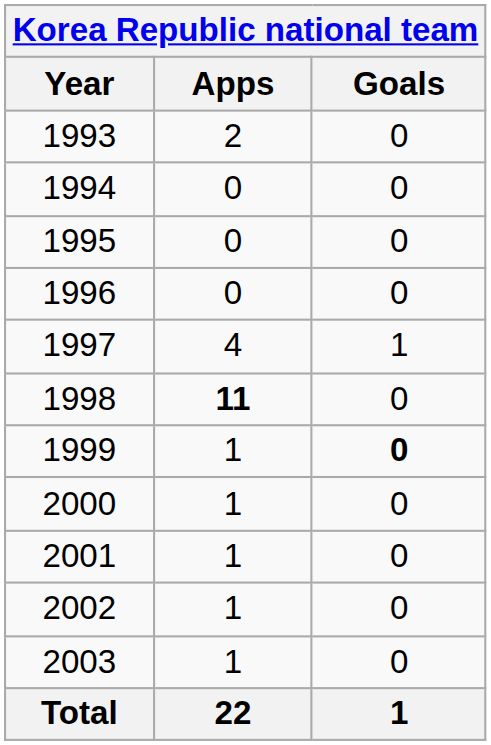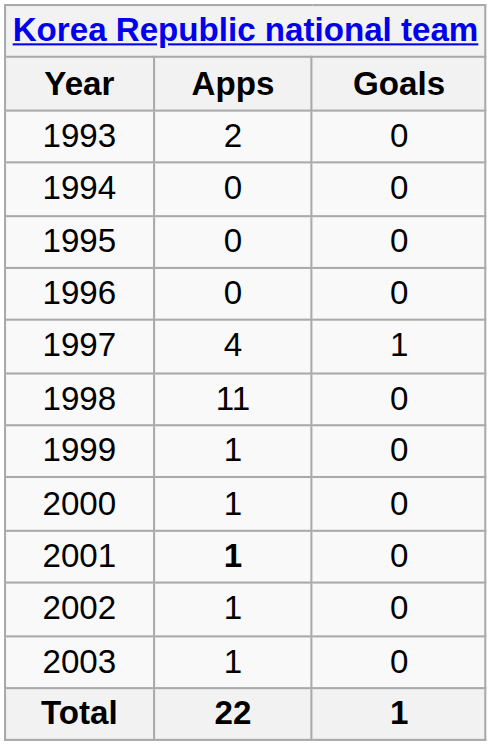 <table class="wikitable" style="text-align:center">
 <tr>
 <th colspan=3><a href='#'>Korea Republic national team</a></th>
 </tr>
 <tr>
 <th>Year</th>
 <th>Apps</th>
 <th>Goals</th>
 </tr>
 <tr>
 <td>1993</td>
 <td>2</td>
 <td>0</td>
 </tr>
 <tr>
 <td>1994</td>
 <td>0</td>
 <td>0</td>
 </tr>
 <tr>
 <td>1995</td>
 <td>0</td>
 <td>0</td>
 </tr>
 <tr>
 <td>1996</td>
 <td>0</td>
 <td>0</td>
 </tr>
 <tr>
 <td>1997</td>
 <td>4</td>
 <td>1</td>
 </tr>
 <tr>
 <td>1998</td>
-<td><strong>11</strong></td>
+<td>11</td>
 <td>0</td>
 </tr>
 <tr>
 <td>1999</td>
 <td>1</td>
-<td><strong>0</strong></td>
+<td>0</td>
 </tr>
 <tr>
 <td>2000</td>
 <td>1</td>
 <td>0</td>
 </tr>
 <tr>
 <td>2001</td>
-<td>1</td>
+<td><strong>1</strong></td>
 <td>0</td>
 </tr>
 <tr>
 <td>2002</td>
 <td>1</td>
 <td>0</td>
 </tr>
 <tr>
 <td>2003</td>
 <td>1</td>
 <td>0</td>
 </tr>
 <tr>
 <th>Total</th>
 <th>22</th>
 <th>1</th>
 </tr>
 </table>
